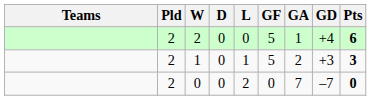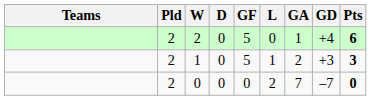 <table class="wikitable" style="text-align: center;">
 <tr>
 <th width=165>Teams</th>
 <th width=20>Pld</th>
 <th width=20>W</th>
 <th width=20>D</th>
+<th width=20>GF</th>
 <th width=20>L</th>
-<th width=20>GF</th>
 <th width=20>GA</th>
 <th width=20>GD</th>
 <th width=20>Pts</th>
 </tr>
 <tr align=center style="background:#ccffcc;">
 <td style="text-align:left;"></td>
 <td>2</td>
 <td>2</td>
 <td>0</td>
+<td>5</td>
 <td>0</td>
-<td>5</td>
 <td>1</td>
 <td>+4</td>
 <td><strong>6</strong></td>
 </tr>
 <tr align=center>
 <td style="text-align:left;"></td>
 <td>2</td>
 <td>1</td>
 <td>0</td>
+<td>5</td>
 <td>1</td>
-<td>5</td>
 <td>2</td>
 <td>+3</td>
 <td><strong>3</strong></td>
 </tr>
 <tr align=center>
 <td style="text-align:left;"></td>
 <td>2</td>
 <td>0</td>
 <td>0</td>
+<td>0</td>
 <td>2</td>
-<td>0</td>
 <td>7</td>
 <td>–7</td>
 <td><strong>0</strong></td>
 </tr>
 </table>
